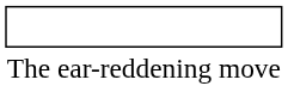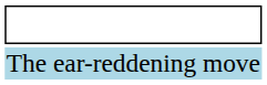 <table style="margin:1em;">
 <tr>
 <td style="border: solid thin; padding: 2px;"><br></td>
 </tr>
 <tr>
-<td style="text-align:center">The ear-reddening move</td>
+<td style="background: lightblue; text-align:center">The ear-reddening move</td>
 </tr>
 </table>
